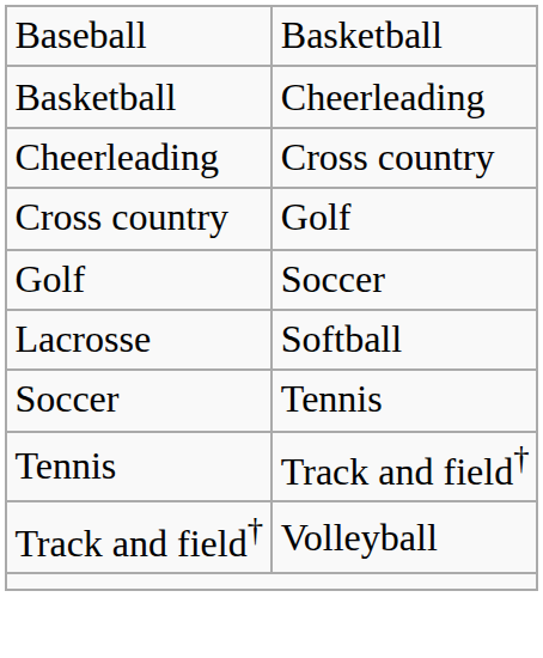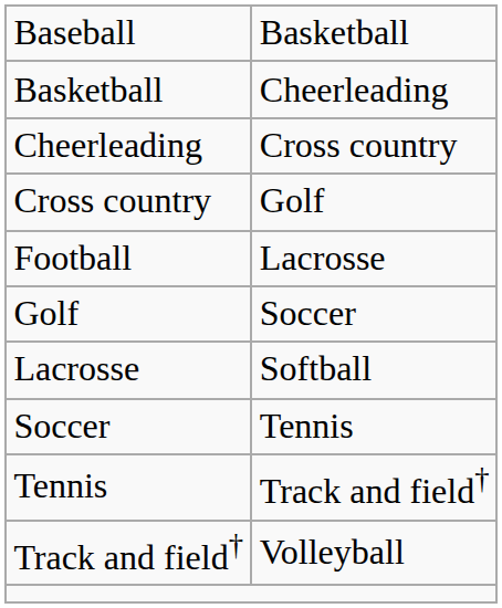 <table class="wikitable">
 <tr>
 </tr>
 <tr>
 <td>Baseball</td>
 <td>Basketball</td>
 </tr>
 <tr>
 <td>Basketball</td>
 <td>Cheerleading</td>
 </tr>
 <tr>
 <td>Cheerleading</td>
 <td>Cross country</td>
 </tr>
 <tr>
 <td>Cross country</td>
 <td>Golf</td>
+</tr>
+<tr>
+<td>Football</td>
+<td>Lacrosse</td>
 </tr>
 <tr>
 <td>Golf</td>
 <td>Soccer</td>
 </tr>
 <tr>
 <td>Lacrosse</td>
 <td>Softball</td>
 </tr>
 <tr>
 <td>Soccer</td>
 <td>Tennis</td>
 </tr>
 <tr>
 <td>Tennis</td>
 <td>Track and field<sup>†</sup></td>
 </tr>
 <tr>
 <td>Track and field<sup>†</sup></td>
 <td>Volleyball</td>
 </tr>
 <tr>
 <td colspan="2"></td>
 </tr>
 </table>
